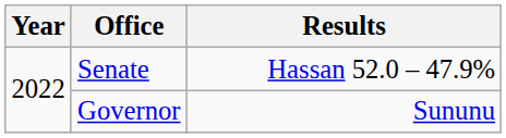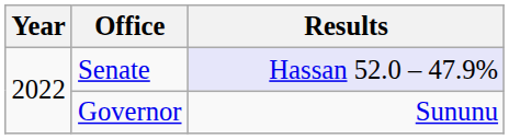 <table class="wikitable">
 <tr>
 <th width="30">Year</th>
 <th width="60">Office</th>
 <th width="180">Results</th>
 </tr>
 <tr>
 <td rowspan="2">2022</td>
 <td><a href='#'>Senate</a></td>
-<td align="right" ><a href='#'>Hassan</a> 52.0 – 47.9%</td>
+<td align="right"  style="background: lavender;"><a href='#'>Hassan</a> 52.0 – 47.9%</td>
 </tr>
 <tr>
 <td><a href='#'>Governor</a></td>
 <td align="right" ><a href='#'>Sununu</a></td>
 </tr>
 </table>
